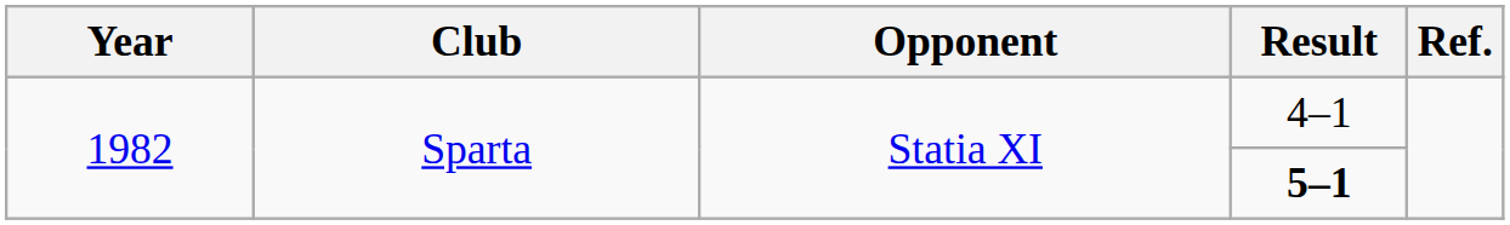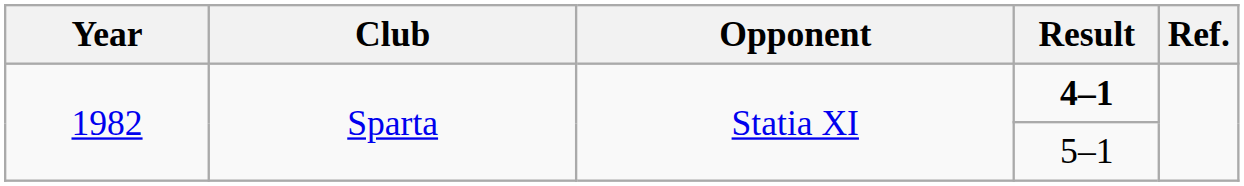 <table class="wikitable" style="font-size:95%; text-align: center;">
 <tr>
 <th width="80">Year</th>
 <th width="150">Club</th>
 <th width="180">Opponent</th>
 <th width="55">Result</th>
 <th>Ref.</th>
 </tr>
 <tr>
 <td rowspan="2"><a href='#'>1982</a></td>
 <td rowspan="2"><a href='#'>Sparta</a></td>
 <td rowspan="2"> <a href='#'>Statia XI</a></td>
-<td>4–1</td>
+<td><strong>4–1</strong></td>
 <td rowspan="2"></td>
 </tr>
 <tr>
-<td><strong>5–1</strong></td>
+<td>5–1</td>
 </tr>
 </table>
